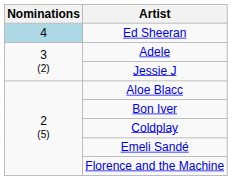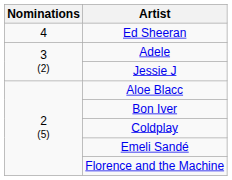 <table class="wikitable" rowspan="2" style="text-align:center;">
 <tr>
 <th scope="col" style="width:55px;">Nominations</th>
 <th scope="col" style="text-align:center;">Artist</th>
 </tr>
 <tr>
-<td style="background: lightblue;">4</td>
+<td>4</td>
 <td><a href='#'>Ed Sheeran</a></td>
 </tr>
 <tr>
 <td rowspan="2">3<br><small>(2)</small></td>
 <td><a href='#'>Adele</a></td>
 </tr>
 <tr>
 <td><a href='#'>Jessie J</a></td>
 </tr>
 <tr>
 <td rowspan="5">2<br><small>(5)</small></td>
 <td><a href='#'>Aloe Blacc</a></td>
 </tr>
 <tr>
 <td><a href='#'>Bon Iver</a></td>
 </tr>
 <tr>
 <td><a href='#'>Coldplay</a></td>
 </tr>
 <tr>
 <td><a href='#'>Emeli Sandé</a></td>
 </tr>
 <tr>
 <td><a href='#'>Florence and the Machine</a></td>
 </tr>
 </table>
